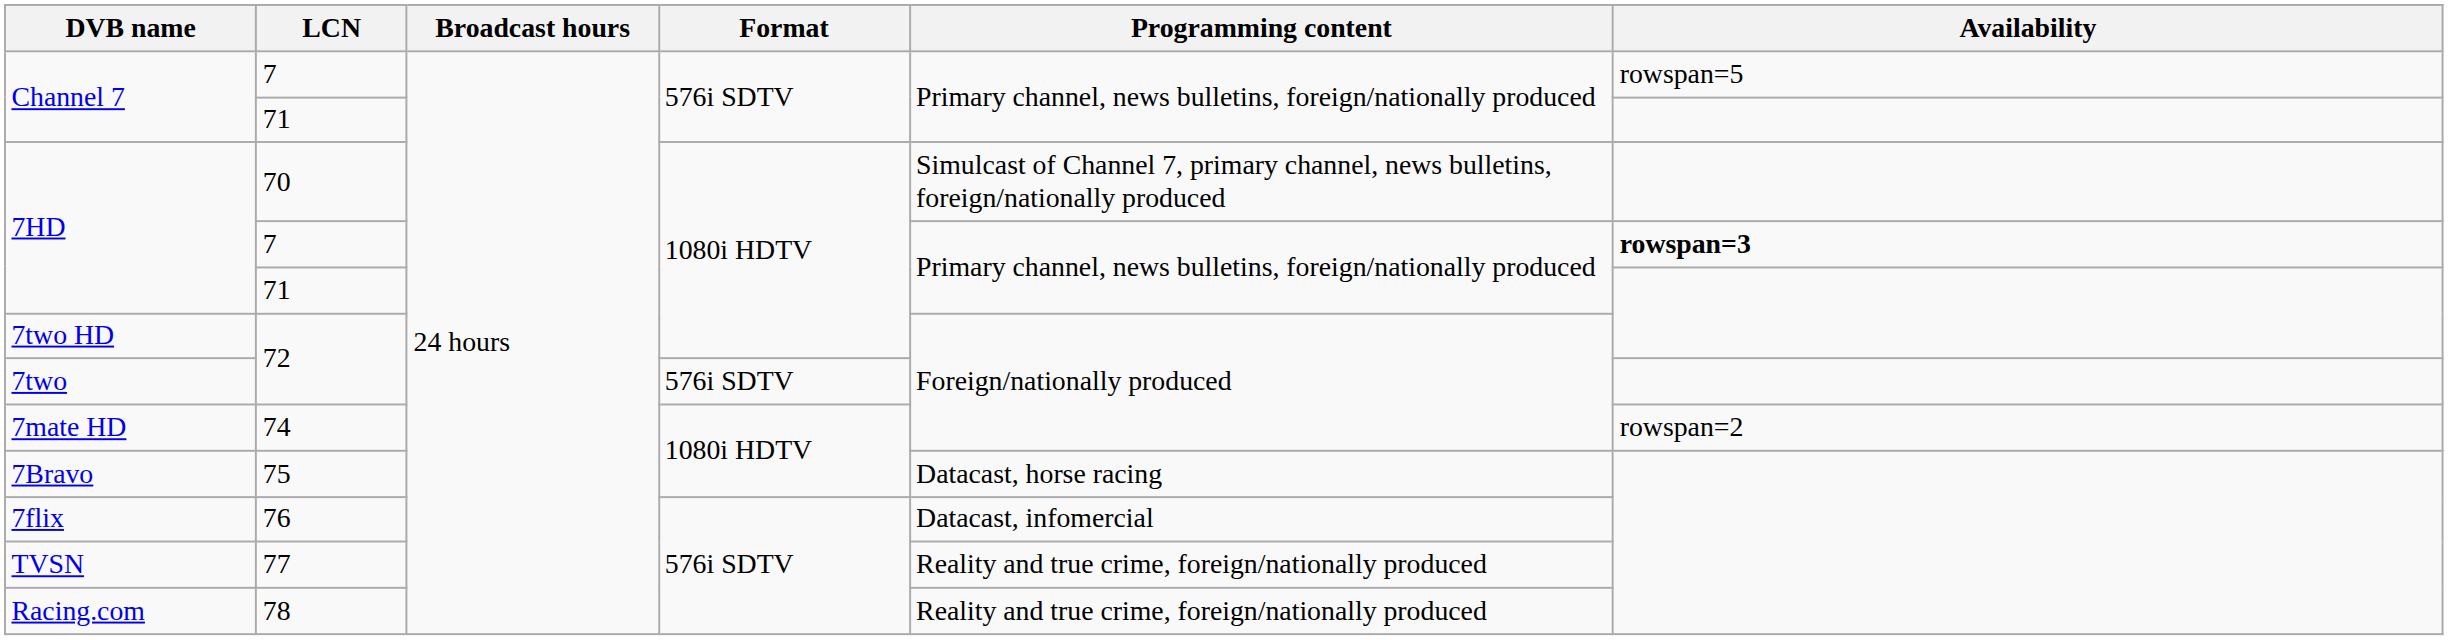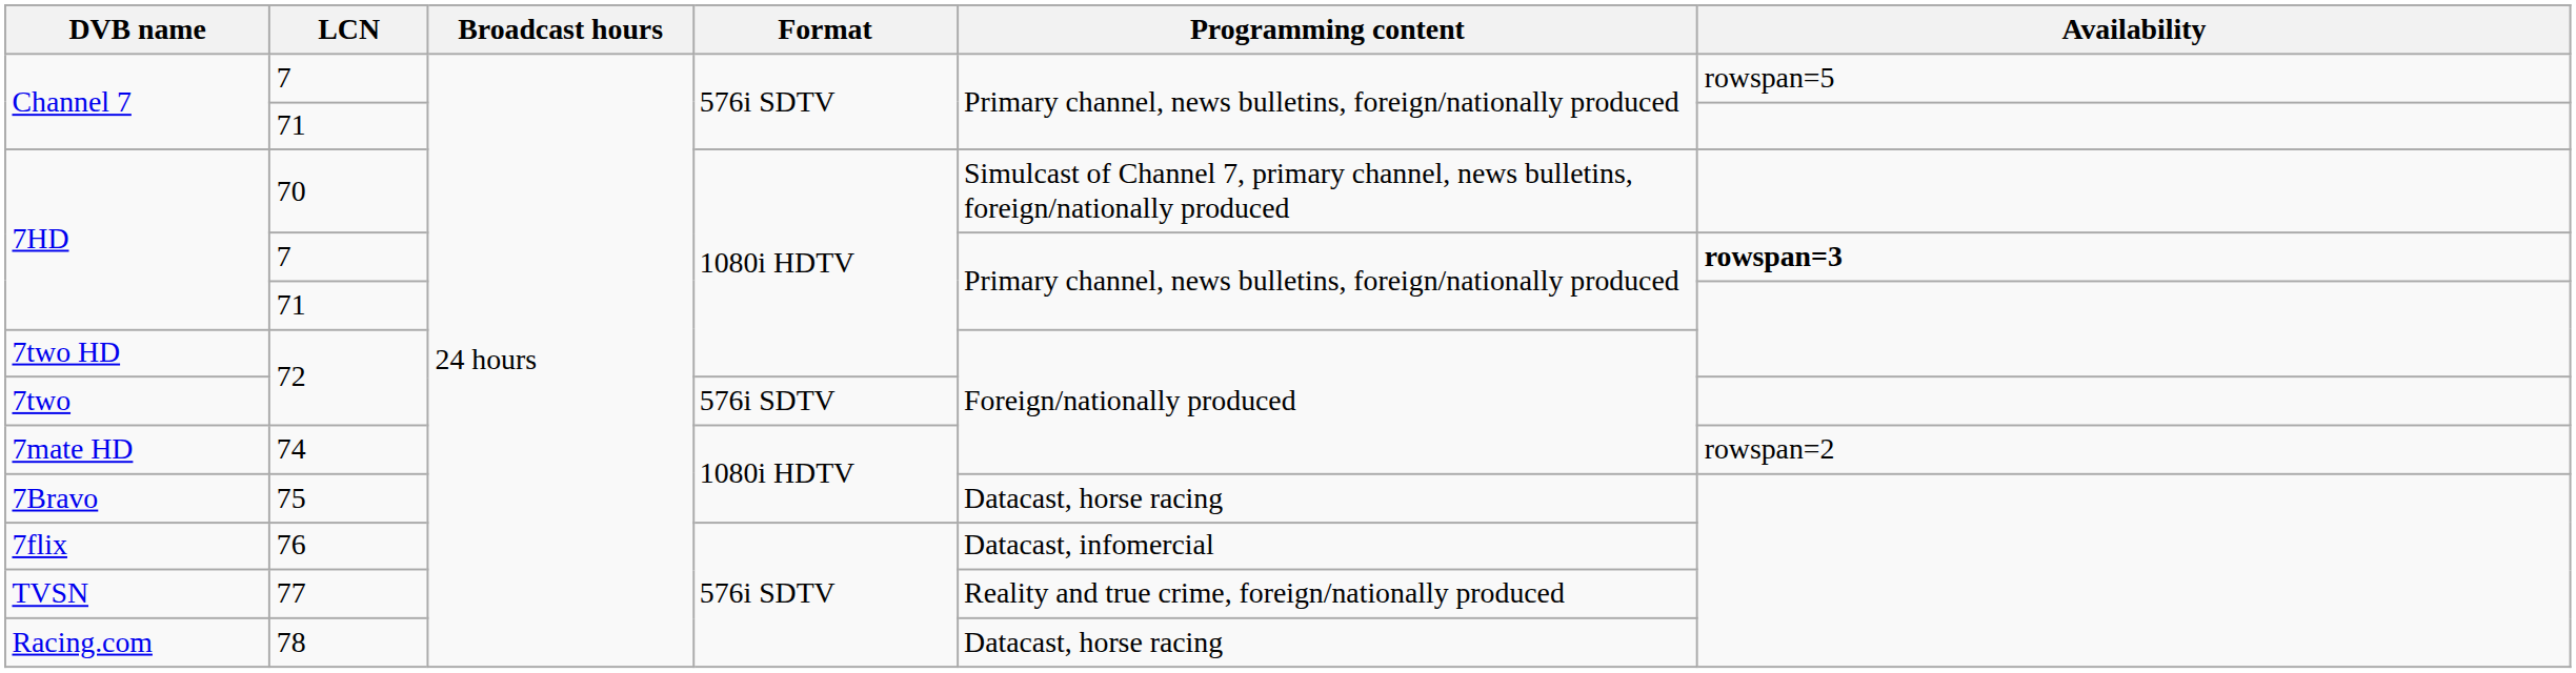 <table class="wikitable" style="font-size:90%; width:100%;">
 <tr>
 <th width="10%">DVB name</th>
 <th width="6%">LCN</th>
 <th width="10%">Broadcast hours</th>
 <th width="10%">Format</th>
 <th width="28%">Programming content</th>
 <th width="33%">Availability</th>
 </tr>
 <tr>
 <td rowspan=2><a href='#'>Channel 7</a></td>
 <td>7</td>
 <td rowspan=12>24 hours</td>
 <td rowspan=2>576i SDTV</td>
 <td rowspan=2>Primary channel, news bulletins, foreign/nationally produced </td>
 <td>rowspan=5 </td>
 </tr>
 <tr>
 <td>71</td>
 </tr>
 <tr>
 <td rowspan=3><a href='#'>7HD</a></td>
 <td>70</td>
 <td rowspan=4>1080i HDTV<br></td>
 <td>Simulcast of Channel 7, primary channel, news bulletins, foreign/nationally produced </td>
 <td></td>
 </tr>
 <tr>
 <td>7</td>
 <td rowspan=2>Primary channel, news bulletins, foreign/nationally produced </td>
 <td><strong>rowspan=3 </strong></td>
 </tr>
 <tr>
 <td>71</td>
 </tr>
 <tr>
 <td><a href='#'>7two HD</a></td>
 <td rowspan=2>72</td>
 <td rowspan=3>Foreign/nationally produced</td>
 </tr>
 <tr>
 <td><a href='#'>7two</a></td>
 <td>576i SDTV</td>
 <td></td>
 </tr>
 <tr>
 <td><a href='#'>7mate HD</a></td>
 <td>74</td>
 <td rowspan=2>1080i HDTV<br></td>
 <td>rowspan=2 </td>
 </tr>
 <tr>
 <td><a href='#'>7Bravo</a></td>
 <td>75</td>
 <td>Datacast, horse racing </td>
 </tr>
 <tr>
 <td><a href='#'>7flix</a></td>
 <td>76</td>
 <td rowspan=3>576i SDTV<br></td>
 <td>Datacast, infomercial </td>
 </tr>
 <tr>
 <td><a href='#'>TVSN</a></td>
 <td>77</td>
 <td>Reality and true crime, foreign/nationally produced </td>
 </tr>
 <tr>
 <td><a href='#'>Racing.com</a></td>
 <td>78</td>
-<td>Reality and true crime, foreign/nationally produced </td>
+<td>Datacast, horse racing </td>
 </tr>
 </table>
